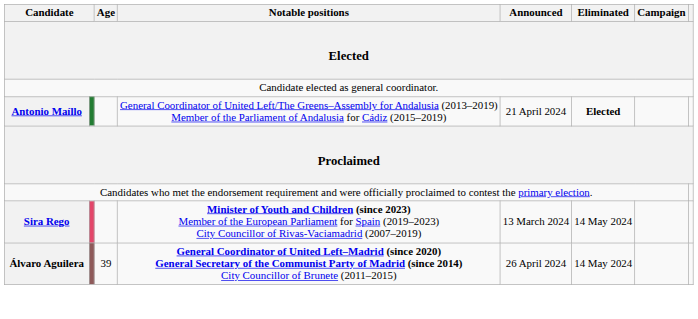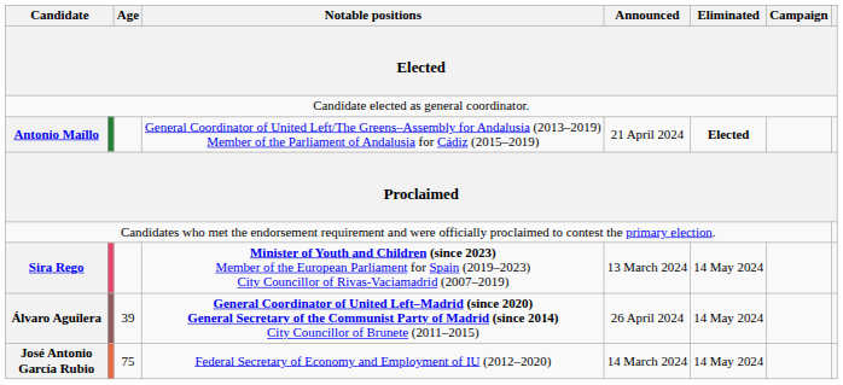 <table class="wikitable" style="text-align:center;">
 <tr>
 <th colspan="2" width="125">Candidate</th>
 <th>Age</th>
 <th>Notable positions</th>
 <th>Announced</th>
 <th>Eliminated</th>
 <th>Campaign</th>
 <th></th>
 </tr>
 <tr>
 <th colspan="8"><br><h3>Elected</h3></th>
 </tr>
 <tr>
 <td colspan="8">Candidate elected as general coordinator.</td>
 </tr>
 <tr>
 <th><a href='#'>Antonio Maíllo</a></th>
 <td style="background:#237D33"></td>
 <td></td>
 <td><a href='#'>General Coordinator of United Left/The Greens–Assembly for Andalusia</a> (2013–2019)<br><a href='#'>Member of the Parliament of Andalusia</a> for <a href='#'>Cádiz</a> (2015–2019)</td>
 <td>21 April 2024</td>
 <td> <strong>Elected</strong></td>
 <td></td>
 <td></td>
 </tr>
 <tr>
 <th colspan="8"><br><h3>Proclaimed</h3></th>
 </tr>
 <tr>
 <td colspan="7">Candidates who met the endorsement requirement and were officially proclaimed to contest the <a href='#'>primary election</a>.</td>
 </tr>
 <tr>
 <th><a href='#'>Sira Rego</a></th>
 <td style="background:#E3466A"></td>
 <td></td>
 <td><strong><a href='#'>Minister of Youth and Children</a> (since 2023)</strong><br><a href='#'>Member of the European Parliament</a> for <a href='#'>Spain</a> (2019–2023)<br><a href='#'>City Councillor of Rivas-Vaciamadrid</a> (2007–2019)</td>
 <td>13 March 2024</td>
 <td>14 May 2024</td>
 <td><br></td>
 <td></td>
 </tr>
 <tr>
 <th>Álvaro Aguilera</th>
 <td style="background:#8F5A5A"></td>
 <td>39</td>
 <td><strong><a href='#'>General Coordinator of United Left–Madrid</a> (since 2020)<br><a href='#'>General Secretary of the Communist Party of Madrid</a> (since 2014)</strong><br><a href='#'>City Councillor of Brunete</a> (2011–2015)</td>
 <td>26 April 2024</td>
 <td>14 May 2024</td>
 <td></td>
 <td></td>
 </tr>
+<tr>
+<th>José Antonio<br>García Rubio</th>
+<td style="background:#E66A45"></td>
+<td>75</td>
+<td><a href='#'>Federal Secretary of Economy and Employment of IU</a> (2012–2020)</td>
+<td>14 March 2024</td>
+<td>14 May 2024</td>
+<td><br></td>
+<td></td>
+</tr>
 </table>
